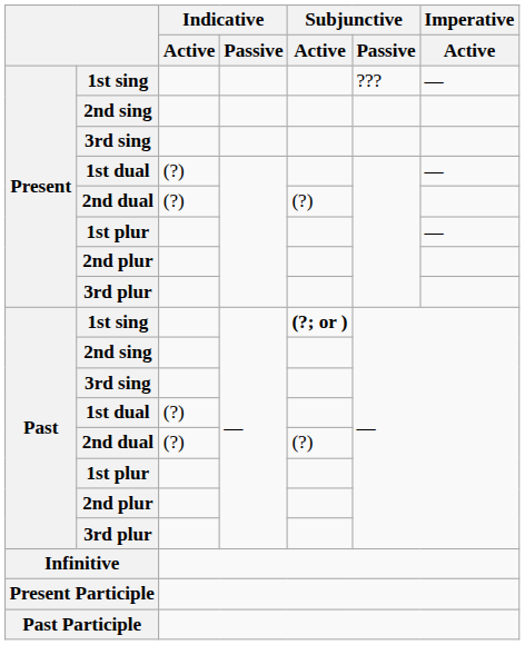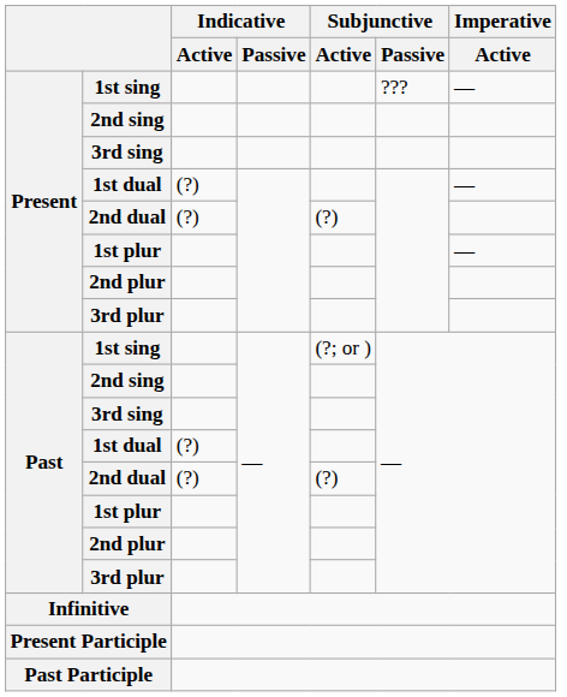 <table class="wikitable">
 <tr>
 <th rowspan="2" colspan="2"></th>
 <th colspan="2">Indicative</th>
 <th colspan="2">Subjunctive</th>
 <th>Imperative</th>
 </tr>
 <tr>
 <th>Active</th>
 <th>Passive</th>
 <th>Active</th>
 <th>Passive</th>
 <th>Active</th>
 </tr>
 <tr>
 <th rowspan="8">Present</th>
 <th>1st sing</th>
 <td></td>
 <td> </td>
 <td></td>
 <td>???</td>
 <td>—</td>
 </tr>
 <tr>
 <th>2nd sing</th>
 <td></td>
 <td></td>
 <td></td>
 <td></td>
 <td></td>
 </tr>
 <tr>
 <th>3rd sing</th>
 <td></td>
 <td></td>
 <td></td>
 <td></td>
 <td></td>
 </tr>
 <tr>
 <th>1st dual</th>
 <td> (?)</td>
 <td rowspan="5"></td>
 <td></td>
 <td rowspan="5"></td>
 <td>—</td>
 </tr>
 <tr>
 <th>2nd dual</th>
 <td> (?)</td>
 <td> (?)</td>
 <td></td>
 </tr>
 <tr>
 <th>1st plur</th>
 <td></td>
 <td></td>
 <td>—</td>
 </tr>
 <tr>
 <th>2nd plur</th>
 <td></td>
 <td></td>
 <td></td>
 </tr>
 <tr>
 <th>3rd plur</th>
 <td></td>
 <td></td>
 <td></td>
 </tr>
 <tr>
 <th rowspan="8">Past</th>
 <th>1st sing</th>
 <td></td>
 <td rowspan="8">—</td>
-<td><strong> (?; or )</strong></td>
+<td> (?; or )</td>
 <td colspan="2" rowspan="8">—</td>
 </tr>
 <tr>
 <th>2nd sing</th>
 <td></td>
 <td></td>
 </tr>
 <tr>
 <th>3rd sing</th>
 <td></td>
 <td></td>
 </tr>
 <tr>
 <th>1st dual</th>
 <td> (?)</td>
 <td></td>
 </tr>
 <tr>
 <th>2nd dual</th>
 <td> (?)</td>
 <td> (?)</td>
 </tr>
 <tr>
 <th>1st plur</th>
 <td></td>
 <td></td>
 </tr>
 <tr>
 <th>2nd plur</th>
 <td></td>
 <td></td>
 </tr>
 <tr>
 <th>3rd plur</th>
 <td></td>
 <td></td>
 </tr>
 <tr>
 <th colspan="2">Infinitive</th>
 <td colspan="5"></td>
 </tr>
 <tr>
 <th colspan="2">Present Participle</th>
 <td colspan="5"></td>
 </tr>
 <tr>
 <th colspan="2">Past Participle</th>
 <td colspan="5"></td>
 </tr>
 </table>
